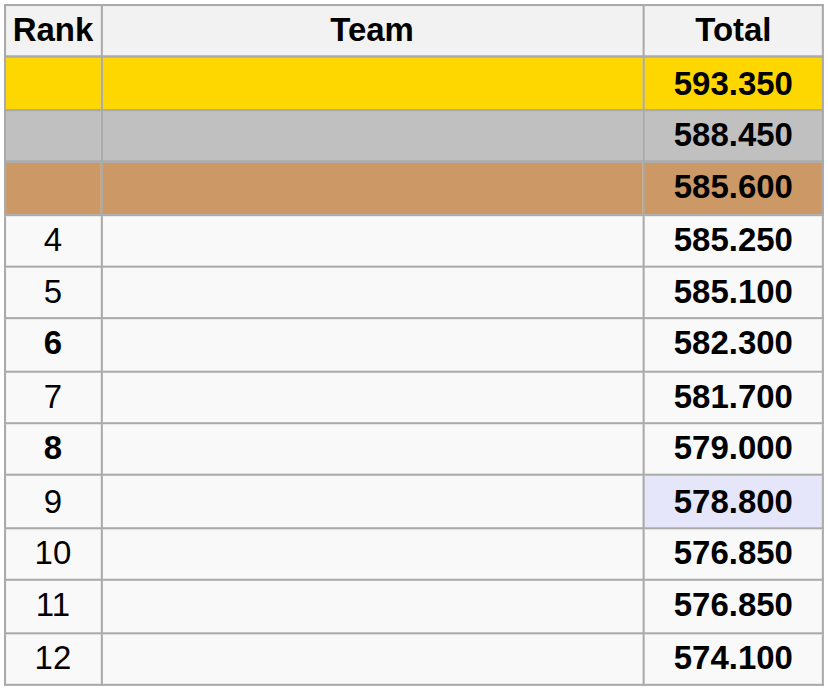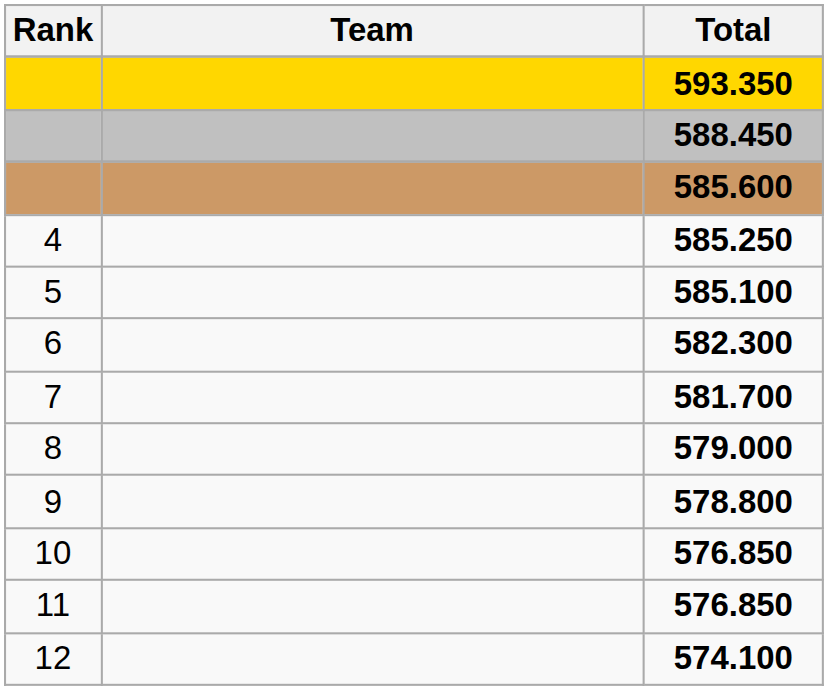 <table class="wikitable" style="text-align:center">
 <tr>
 <th>Rank</th>
 <th style="width:16em">Team</th>
 <th style="width:5em">Total</th>
 </tr>
 <tr>
 </tr>
 <tr bgcolor=gold>
 <td></td>
 <td align=left></td>
 <td><strong>593.350</strong></td>
 </tr>
 <tr>
 </tr>
 <tr bgcolor=silver>
 <td></td>
 <td align=left></td>
 <td><strong>588.450</strong></td>
 </tr>
 <tr>
 </tr>
 <tr bgcolor=#CC9966>
 <td></td>
 <td align=left></td>
 <td><strong>585.600</strong></td>
 </tr>
 <tr>
 <td>4</td>
 <td align=left></td>
 <td><strong>585.250</strong></td>
 </tr>
 <tr>
 <td>5</td>
 <td align=left></td>
 <td><strong>585.100</strong></td>
 </tr>
 <tr>
-<td><strong>6</strong></td>
+<td>6</td>
 <td align=left></td>
 <td><strong>582.300</strong></td>
 </tr>
 <tr>
 <td>7</td>
 <td align=left></td>
 <td><strong>581.700</strong></td>
 </tr>
 <tr>
-<td><strong>8</strong></td>
+<td>8</td>
 <td align=left></td>
 <td><strong>579.000</strong></td>
 </tr>
 <tr>
 <td>9</td>
 <td align=left></td>
-<td style="background: lavender;"><strong>578.800</strong></td>
+<td><strong>578.800</strong></td>
 </tr>
 <tr>
 <td>10</td>
 <td align=left></td>
 <td><strong>576.850</strong></td>
 </tr>
 <tr>
 <td>11</td>
 <td align=left></td>
 <td><strong>576.850</strong></td>
 </tr>
 <tr>
 <td>12</td>
 <td align=left></td>
 <td><strong>574.100</strong></td>
 </tr>
 </table>
